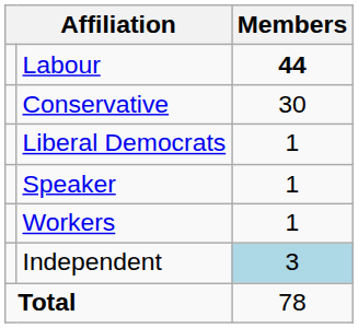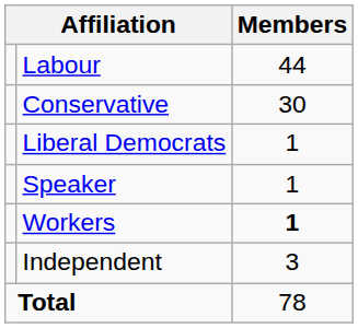 <table class="wikitable">
 <tr>
 <th colspan="2">Affiliation</th>
 <th>Members</th>
 </tr>
 <tr>
 <td style="color:inherit;background:"></td>
 <td><a href='#'>Labour</a></td>
-<td style="text-align:center;"><strong>44</strong></td>
+<td style="text-align:center;">44</td>
 </tr>
 <tr>
 <td style="color:inherit;background:"></td>
 <td><a href='#'>Conservative</a></td>
 <td style="text-align:center;">30</td>
 </tr>
 <tr>
 <td style="color:inherit;background:"></td>
 <td><a href='#'>Liberal Democrats</a></td>
 <td style="text-align:center;">1</td>
 </tr>
 <tr>
 <td style="color:inherit;background:"></td>
 <td><a href='#'>Speaker</a></td>
 <td style="text-align:center;">1</td>
 </tr>
 <tr>
 <td style="color:inherit;background:"></td>
 <td><a href='#'>Workers</a></td>
-<td style="text-align:center;">1</td>
+<td style="text-align:center;"><strong>1</strong></td>
 </tr>
 <tr>
 <td style="color:inherit;background:"></td>
 <td>Independent</td>
-<td style="background: lightblue; text-align:center;">3</td>
+<td style="text-align:center;">3</td>
 </tr>
 <tr>
 <td colspan="2"> <strong>Total</strong></td>
 <td style="text-align:center;">78</td>
 </tr>
 </table>
